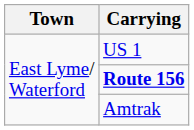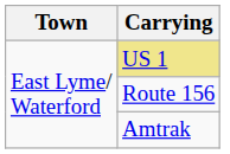 <table class="wikitable">
 <tr>
 <th>Town</th>
 <th>Carrying</th>
 </tr>
 <tr>
 <td rowspan="3"><a href='#'>East Lyme</a>/<br><a href='#'>Waterford</a></td>
-<td> <a href='#'>US 1</a></td>
+<td style="background: khaki;"> <a href='#'>US 1</a></td>
 </tr>
 <tr>
-<td><strong> <a href='#'>Route 156</a></strong></td>
+<td> <a href='#'>Route 156</a></td>
 </tr>
 <tr>
 <td> <a href='#'>Amtrak</a></td>
 </tr>
 </table>
